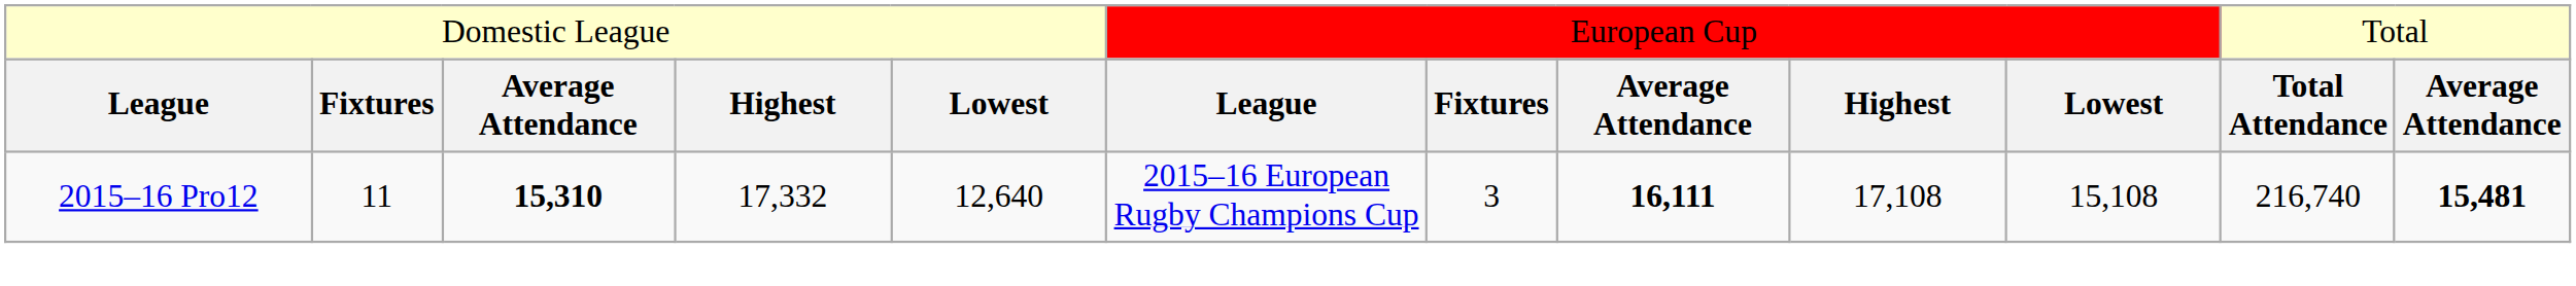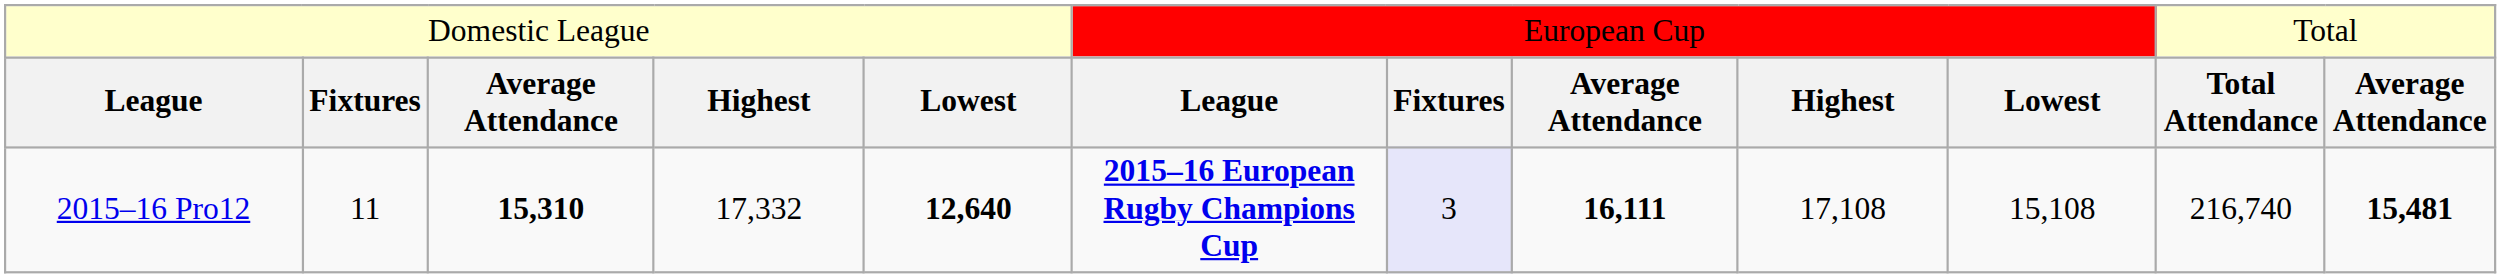 <table class="wikitable sortable" style="font-size:90%; width:90%;">
 <tr>
 <td colspan="5" class="wikitable sortable" style="width:45%; background:#ffffcc; text-align:center;"><span>Domestic League</span></td>
 <td colspan="5" class="wikitable sortable" style="width:45%; background:#f00; text-align:center;"><span>European Cup</span></td>
 <td colspan="2" class="wikitable sortable" style="width:45%; background:#ffffcc; text-align:center;"><span>Total</span></td>
 </tr>
 <tr>
 <th style="width:15%;">League</th>
 <th style="width:5%;">Fixtures</th>
 <th style="width:10%;">Average Attendance</th>
 <th style="width:10%;">Highest</th>
 <th style="width:10%;">Lowest</th>
 <th style="width:15%;">League</th>
 <th style="width:5%;">Fixtures</th>
 <th style="width:10%;">Average Attendance</th>
 <th style="width:10%;">Highest</th>
 <th style="width:10%;">Lowest</th>
 <th style="width:10%;">Total Attendance</th>
 <th style="width:10%;">Average Attendance</th>
 </tr>
 <tr>
 <td align=center><a href='#'>2015–16 Pro12</a></td>
 <td align=center>11</td>
 <td align=center><strong>15,310</strong></td>
 <td align=center>17,332</td>
-<td align=center>12,640</td>
-<td align=center><a href='#'>2015–16 European Rugby Champions Cup</a></td>
-<td align=center>3</td>
+<td align=center><strong>12,640</strong></td>
+<td align=center><strong><a href='#'>2015–16 European Rugby Champions Cup</a></strong></td>
+<td align=center style="background: lavender;">3</td>
 <td align=center><strong>16,111</strong></td>
 <td align=center>17,108</td>
 <td align=center>15,108</td>
 <td align=center>216,740</td>
 <td align=center><strong>15,481</strong></td>
 </tr>
 </table>
